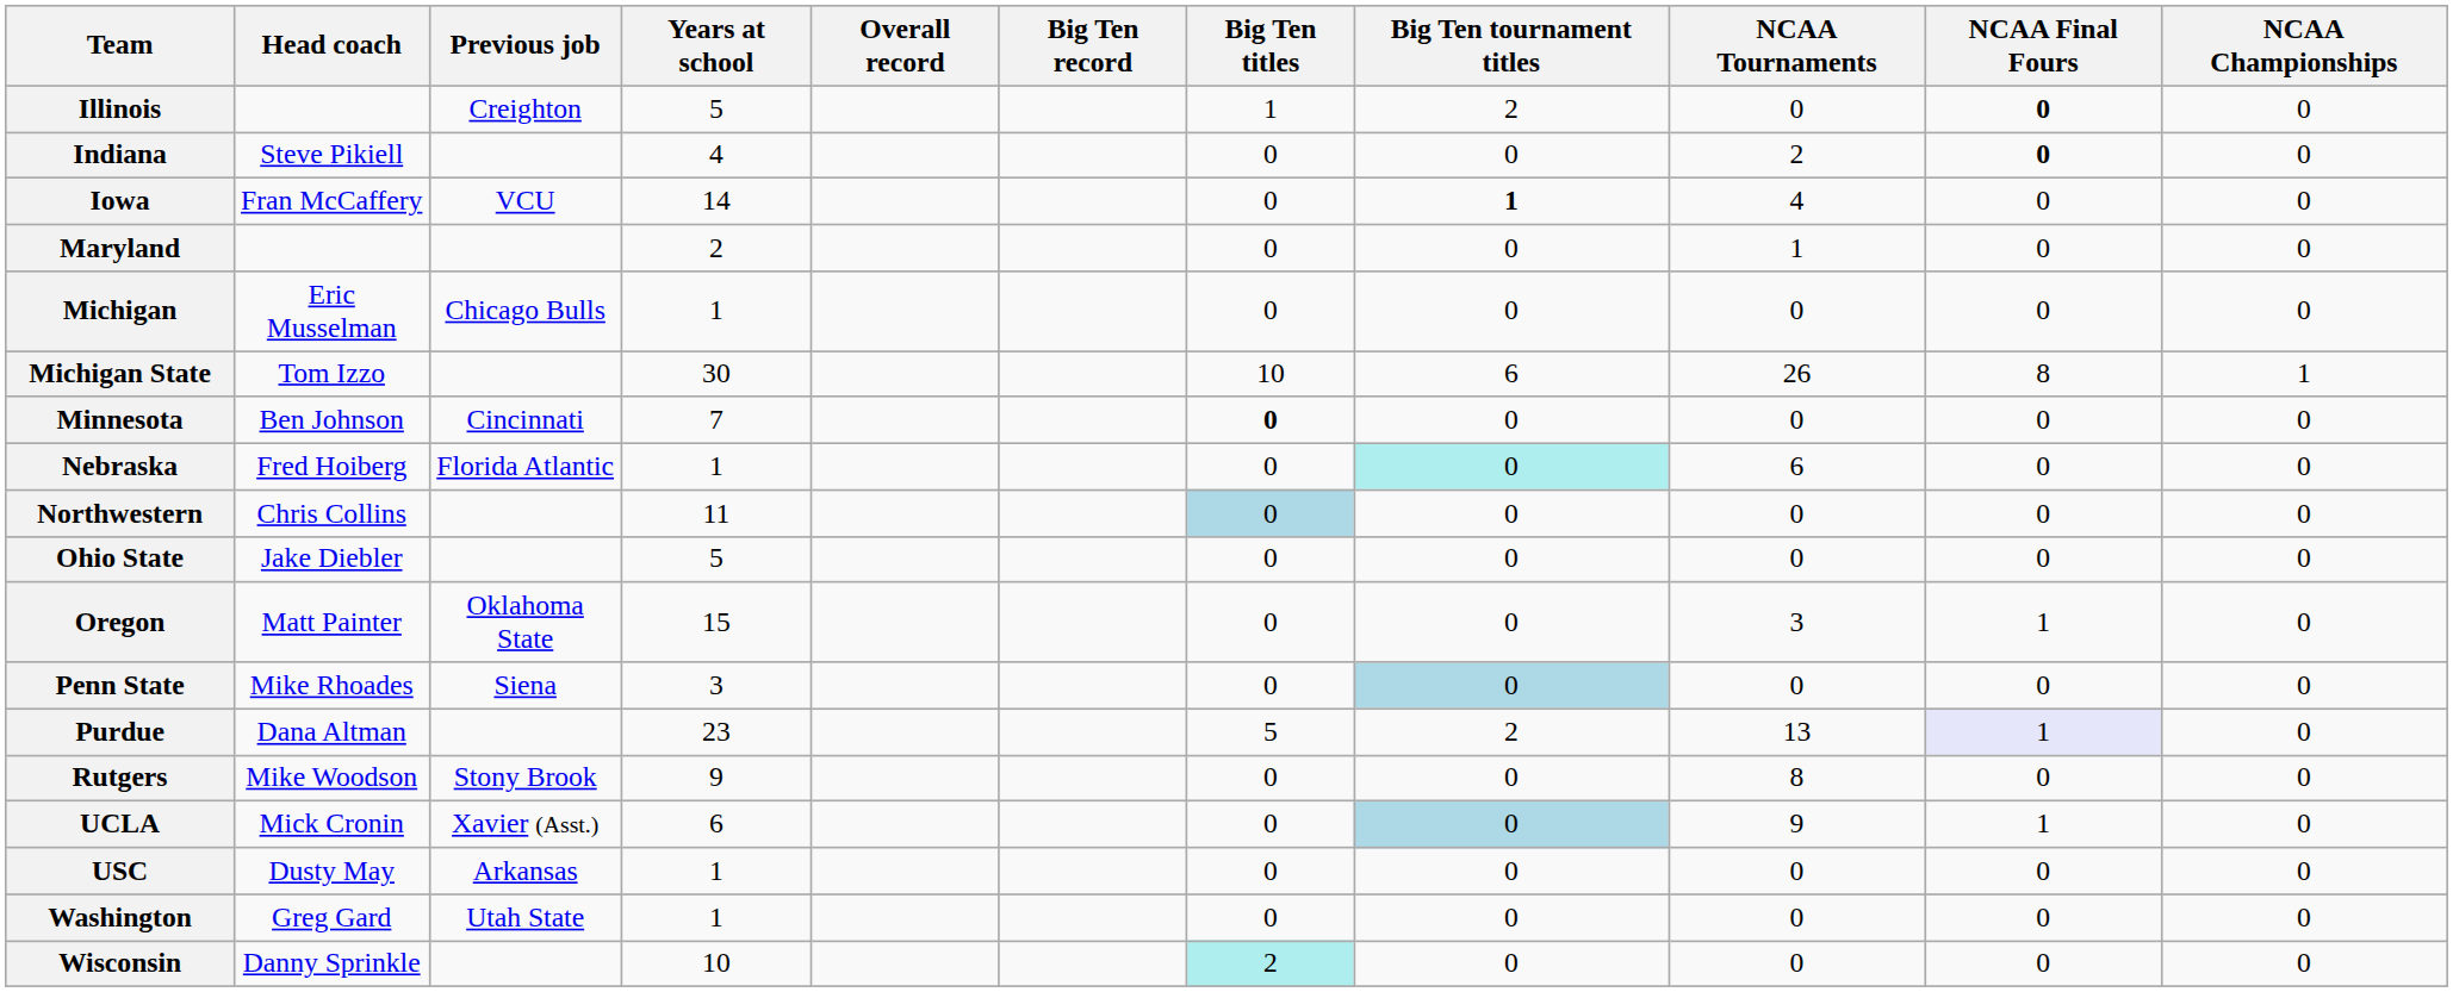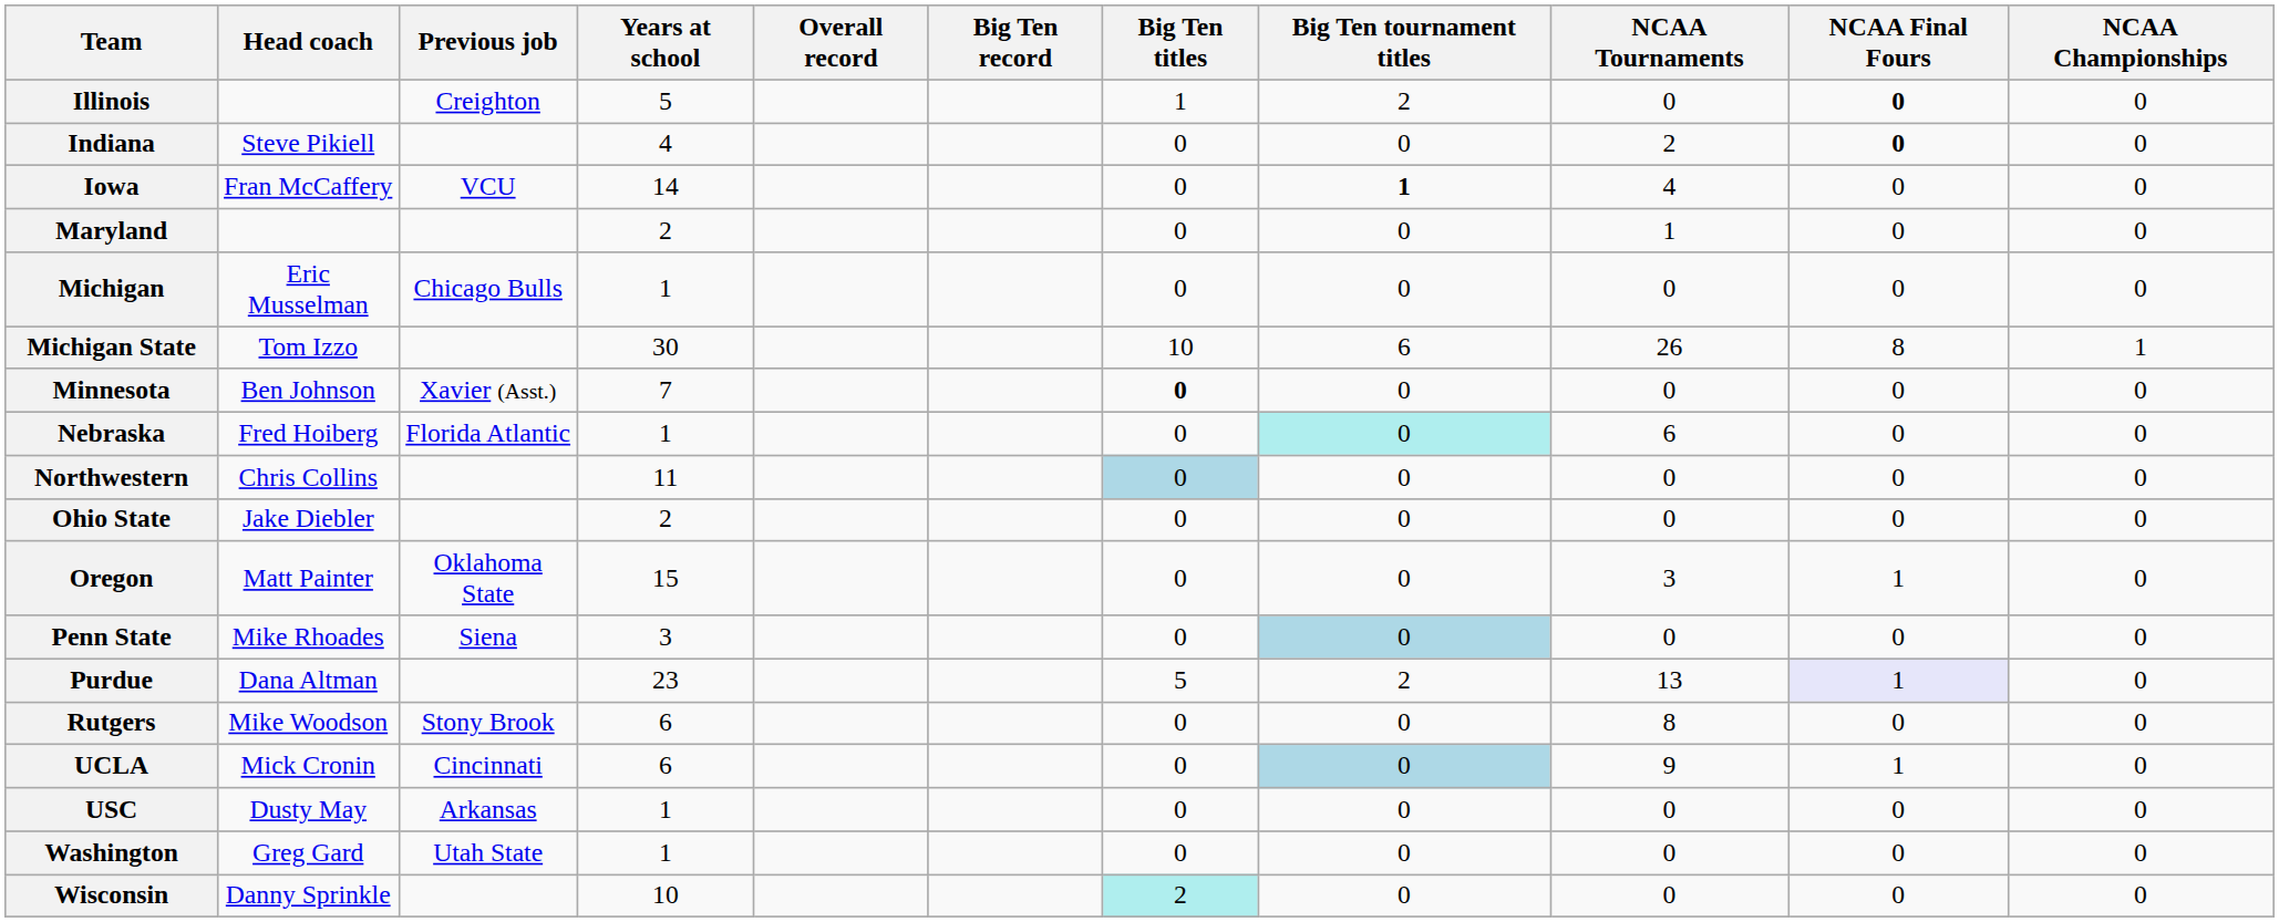 <table class="wikitable sortable" style="text-align: center;font-size:90%;">
 <tr>
 <th width="110">Team</th>
 <th>Head coach</th>
 <th>Previous job</th>
 <th>Years at school</th>
 <th>Overall record</th>
 <th>Big Ten record</th>
 <th>Big Ten titles</th>
 <th>Big Ten tournament titles</th>
 <th>NCAA Tournaments</th>
 <th>NCAA Final Fours</th>
 <th>NCAA Championships</th>
 </tr>
 <tr>
 <th style=background:#>Illinois</th>
 <td></td>
 <td><a href='#'>Creighton</a></td>
 <td>5</td>
 <td></td>
 <td></td>
 <td>1</td>
 <td>2</td>
 <td>0</td>
 <td><strong>0</strong></td>
 <td>0</td>
 </tr>
 <tr>
 <th style=>Indiana</th>
 <td><a href='#'>Steve Pikiell</a></td>
 <td></td>
 <td>4</td>
 <td></td>
 <td></td>
 <td>0</td>
 <td>0</td>
 <td>2</td>
 <td><strong>0</strong></td>
 <td>0</td>
 </tr>
 <tr>
 <th style=>Iowa</th>
 <td><a href='#'>Fran McCaffery</a></td>
 <td><a href='#'>VCU</a></td>
 <td>14</td>
 <td></td>
 <td></td>
 <td>0</td>
 <td><strong>1</strong></td>
 <td>4</td>
 <td>0</td>
 <td>0</td>
 </tr>
 <tr>
 <th style=>Maryland</th>
 <td></td>
 <td></td>
 <td>2</td>
 <td></td>
 <td></td>
 <td>0</td>
 <td>0</td>
 <td>1</td>
 <td>0</td>
 <td>0</td>
 </tr>
 <tr>
 <th style=>Michigan</th>
 <td><a href='#'>Eric Musselman</a></td>
 <td><a href='#'>Chicago Bulls</a></td>
 <td>1</td>
 <td></td>
 <td></td>
 <td>0</td>
 <td>0</td>
 <td>0</td>
 <td>0</td>
 <td>0</td>
 </tr>
 <tr>
 <th style=>Michigan State</th>
 <td><a href='#'>Tom Izzo</a></td>
 <td></td>
 <td>30</td>
 <td></td>
 <td></td>
 <td>10</td>
 <td>6</td>
 <td>26</td>
 <td>8</td>
 <td>1</td>
 </tr>
 <tr>
 <th style=>Minnesota</th>
 <td><a href='#'>Ben Johnson</a></td>
-<td><a href='#'>Cincinnati</a></td>
+<td><a href='#'>Xavier</a> <small>(Asst.)</small></td>
 <td>7</td>
 <td></td>
 <td></td>
 <td><strong>0</strong></td>
 <td>0</td>
 <td>0</td>
 <td>0</td>
 <td>0</td>
 </tr>
 <tr>
 <th style=>Nebraska</th>
 <td><a href='#'>Fred Hoiberg</a></td>
 <td><a href='#'>Florida Atlantic</a></td>
 <td>1</td>
 <td></td>
 <td></td>
 <td>0</td>
 <td style="background: paleturquoise;">0</td>
 <td>6</td>
 <td>0</td>
 <td>0</td>
 </tr>
 <tr>
 <th style=>Northwestern</th>
 <td><a href='#'>Chris Collins</a></td>
 <td></td>
 <td>11</td>
 <td></td>
 <td></td>
 <td style="background: lightblue;">0</td>
 <td>0</td>
 <td>0</td>
 <td>0</td>
 <td>0</td>
 </tr>
 <tr>
 <th style=>Ohio State</th>
 <td><a href='#'>Jake Diebler</a></td>
 <td></td>
-<td>5</td>
+<td>2</td>
 <td></td>
 <td></td>
 <td>0</td>
 <td>0</td>
 <td>0</td>
 <td>0</td>
 <td>0</td>
 </tr>
 <tr>
 <th style=>Oregon</th>
 <td><a href='#'>Matt Painter</a></td>
 <td><a href='#'>Oklahoma State</a></td>
 <td>15</td>
 <td></td>
 <td></td>
 <td>0</td>
 <td>0</td>
 <td>3</td>
 <td>1</td>
 <td>0</td>
 </tr>
 <tr>
 <th>Penn State</th>
 <td><a href='#'>Mike Rhoades</a></td>
 <td><a href='#'>Siena</a></td>
 <td>3</td>
 <td></td>
 <td></td>
 <td>0</td>
 <td style="background: lightblue;">0</td>
 <td>0</td>
 <td>0</td>
 <td>0</td>
 </tr>
 <tr>
 <th style=>Purdue</th>
 <td><a href='#'>Dana Altman</a></td>
 <td></td>
 <td>23</td>
 <td></td>
 <td></td>
 <td>5</td>
 <td>2</td>
 <td>13</td>
 <td style="background: lavender;">1</td>
 <td>0</td>
 </tr>
 <tr>
 <th style=>Rutgers</th>
 <td><a href='#'>Mike Woodson</a></td>
 <td><a href='#'>Stony Brook</a></td>
-<td>9</td>
+<td>6</td>
 <td></td>
 <td></td>
 <td>0</td>
 <td>0</td>
 <td>8</td>
 <td>0</td>
 <td>0</td>
 </tr>
 <tr>
 <th style=>UCLA</th>
 <td><a href='#'>Mick Cronin</a></td>
-<td><a href='#'>Xavier</a> <small>(Asst.)</small></td>
+<td><a href='#'>Cincinnati</a></td>
 <td>6</td>
 <td></td>
 <td></td>
 <td>0</td>
 <td style="background: lightblue;">0</td>
 <td>9</td>
 <td>1</td>
 <td>0</td>
 </tr>
 <tr>
 <th style=>USC</th>
 <td><a href='#'>Dusty May</a></td>
 <td><a href='#'>Arkansas</a></td>
 <td>1</td>
 <td></td>
 <td></td>
 <td>0</td>
 <td>0</td>
 <td>0</td>
 <td>0</td>
 <td>0</td>
 </tr>
 <tr>
 <th style=>Washington</th>
 <td><a href='#'>Greg Gard</a></td>
 <td><a href='#'>Utah State</a></td>
 <td>1</td>
 <td></td>
 <td></td>
 <td>0</td>
 <td>0</td>
 <td>0</td>
 <td>0</td>
 <td>0</td>
 </tr>
 <tr>
 <th style=>Wisconsin</th>
 <td><a href='#'>Danny Sprinkle</a></td>
 <td></td>
 <td>10</td>
 <td></td>
 <td></td>
 <td style="background: paleturquoise;">2</td>
 <td>0</td>
 <td>0</td>
 <td>0</td>
 <td>0</td>
 </tr>
 </table>
